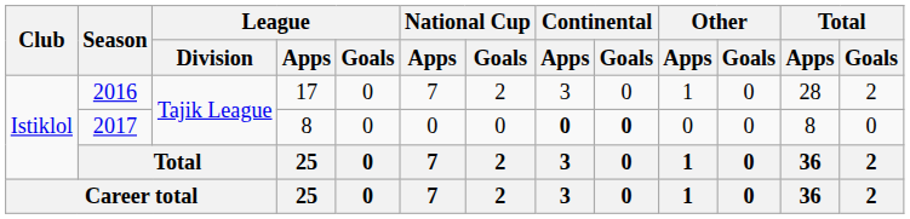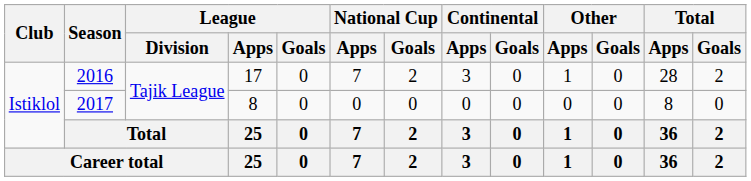 <table class="wikitable" style="text-align: center;">
 <tr>
 <th rowspan="2">Club</th>
 <th rowspan="2">Season</th>
 <th colspan="3">League</th>
 <th colspan="2">National Cup</th>
 <th colspan="2">Continental</th>
 <th colspan="2">Other</th>
 <th colspan="2">Total</th>
 </tr>
 <tr>
 <th>Division</th>
 <th>Apps</th>
 <th>Goals</th>
 <th>Apps</th>
 <th>Goals</th>
 <th>Apps</th>
 <th>Goals</th>
 <th>Apps</th>
 <th>Goals</th>
 <th>Apps</th>
 <th>Goals</th>
 </tr>
 <tr>
 <td rowspan="3" valign="center"><a href='#'>Istiklol</a></td>
 <td><a href='#'>2016</a></td>
 <td rowspan="2" valign="center"><a href='#'>Tajik League</a></td>
 <td>17</td>
 <td>0</td>
 <td>7</td>
 <td>2</td>
 <td>3</td>
 <td>0</td>
 <td>1</td>
 <td>0</td>
 <td>28</td>
 <td>2</td>
 </tr>
 <tr>
 <td><a href='#'>2017</a></td>
 <td>8</td>
 <td>0</td>
 <td>0</td>
 <td>0</td>
-<td><strong>0</strong></td>
-<td><strong>0</strong></td>
+<td>0</td>
+<td>0</td>
 <td>0</td>
 <td>0</td>
 <td>8</td>
 <td>0</td>
 </tr>
 <tr>
 <th colspan="2">Total</th>
 <th>25</th>
 <th>0</th>
 <th>7</th>
 <th>2</th>
 <th>3</th>
 <th>0</th>
 <th>1</th>
 <th>0</th>
 <th>36</th>
 <th>2</th>
 </tr>
 <tr>
 <th colspan="3">Career total</th>
 <th>25</th>
 <th>0</th>
 <th>7</th>
 <th>2</th>
 <th>3</th>
 <th>0</th>
 <th>1</th>
 <th>0</th>
 <th>36</th>
 <th>2</th>
 </tr>
 </table>
